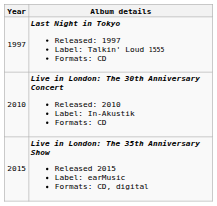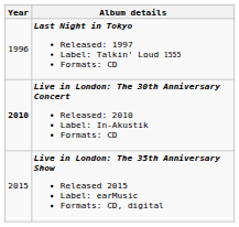 <table class="wikitable" style="text-align:center">
 <tr>
 <th width="35">Year</th>
 <th width="300">Album details</th>
 </tr>
 <tr>
-<td>1997</td>
+<td>1996</td>
 <td align="left"><strong><em>Last Night in Tokyo</em></strong><br><ul><li>Released: 1997</li><li>Label: Talkin' Loud <small>1555</small></li><li>Formats: CD</li></ul></td>
 </tr>
 <tr>
-<td>2010</td>
+<td><strong>2010</strong></td>
 <td align="left"><strong><em>Live in London: The 30th Anniversary Concert</em></strong><br><ul><li>Released: 2010</li><li>Label: In-Akustik</li><li>Formats: CD</li></ul></td>
 </tr>
 <tr>
 <td>2015</td>
 <td align="left"><strong><em>Live in London: The 35th Anniversary Show</em></strong><br><ul><li>Released 2015</li><li>Label: earMusic</li><li>Formats: CD, digital</li></ul></td>
 </tr>
 </table>
